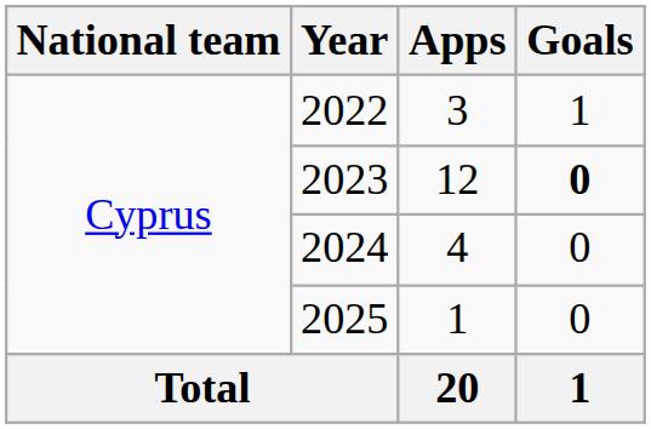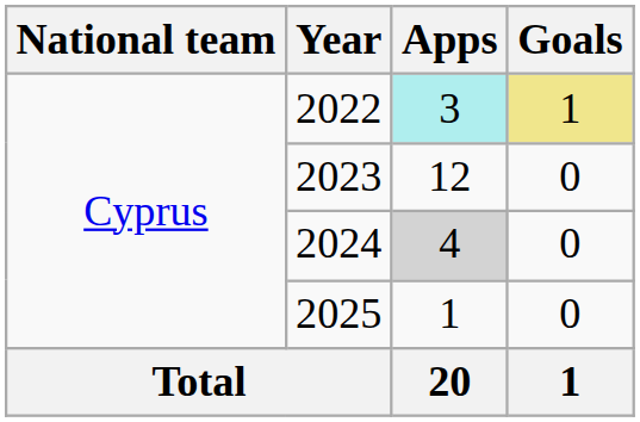 <table class="wikitable" style="text-align:center">
 <tr>
 <th>National team</th>
 <th>Year</th>
 <th>Apps</th>
 <th>Goals</th>
 </tr>
 <tr>
 <td rowspan="4"><a href='#'>Cyprus</a></td>
 <td>2022</td>
-<td>3</td>
-<td>1</td>
+<td style="background: paleturquoise;">3</td>
+<td style="background: khaki;">1</td>
 </tr>
 <tr>
 <td>2023</td>
 <td>12</td>
-<td><strong>0</strong></td>
+<td>0</td>
 </tr>
 <tr>
 <td>2024</td>
-<td>4</td>
+<td style="background: lightgrey;">4</td>
 <td>0</td>
 </tr>
 <tr>
 <td>2025</td>
 <td>1</td>
 <td>0</td>
 </tr>
 <tr>
 <th colspan="2">Total</th>
 <th>20</th>
 <th>1</th>
 </tr>
 </table>
